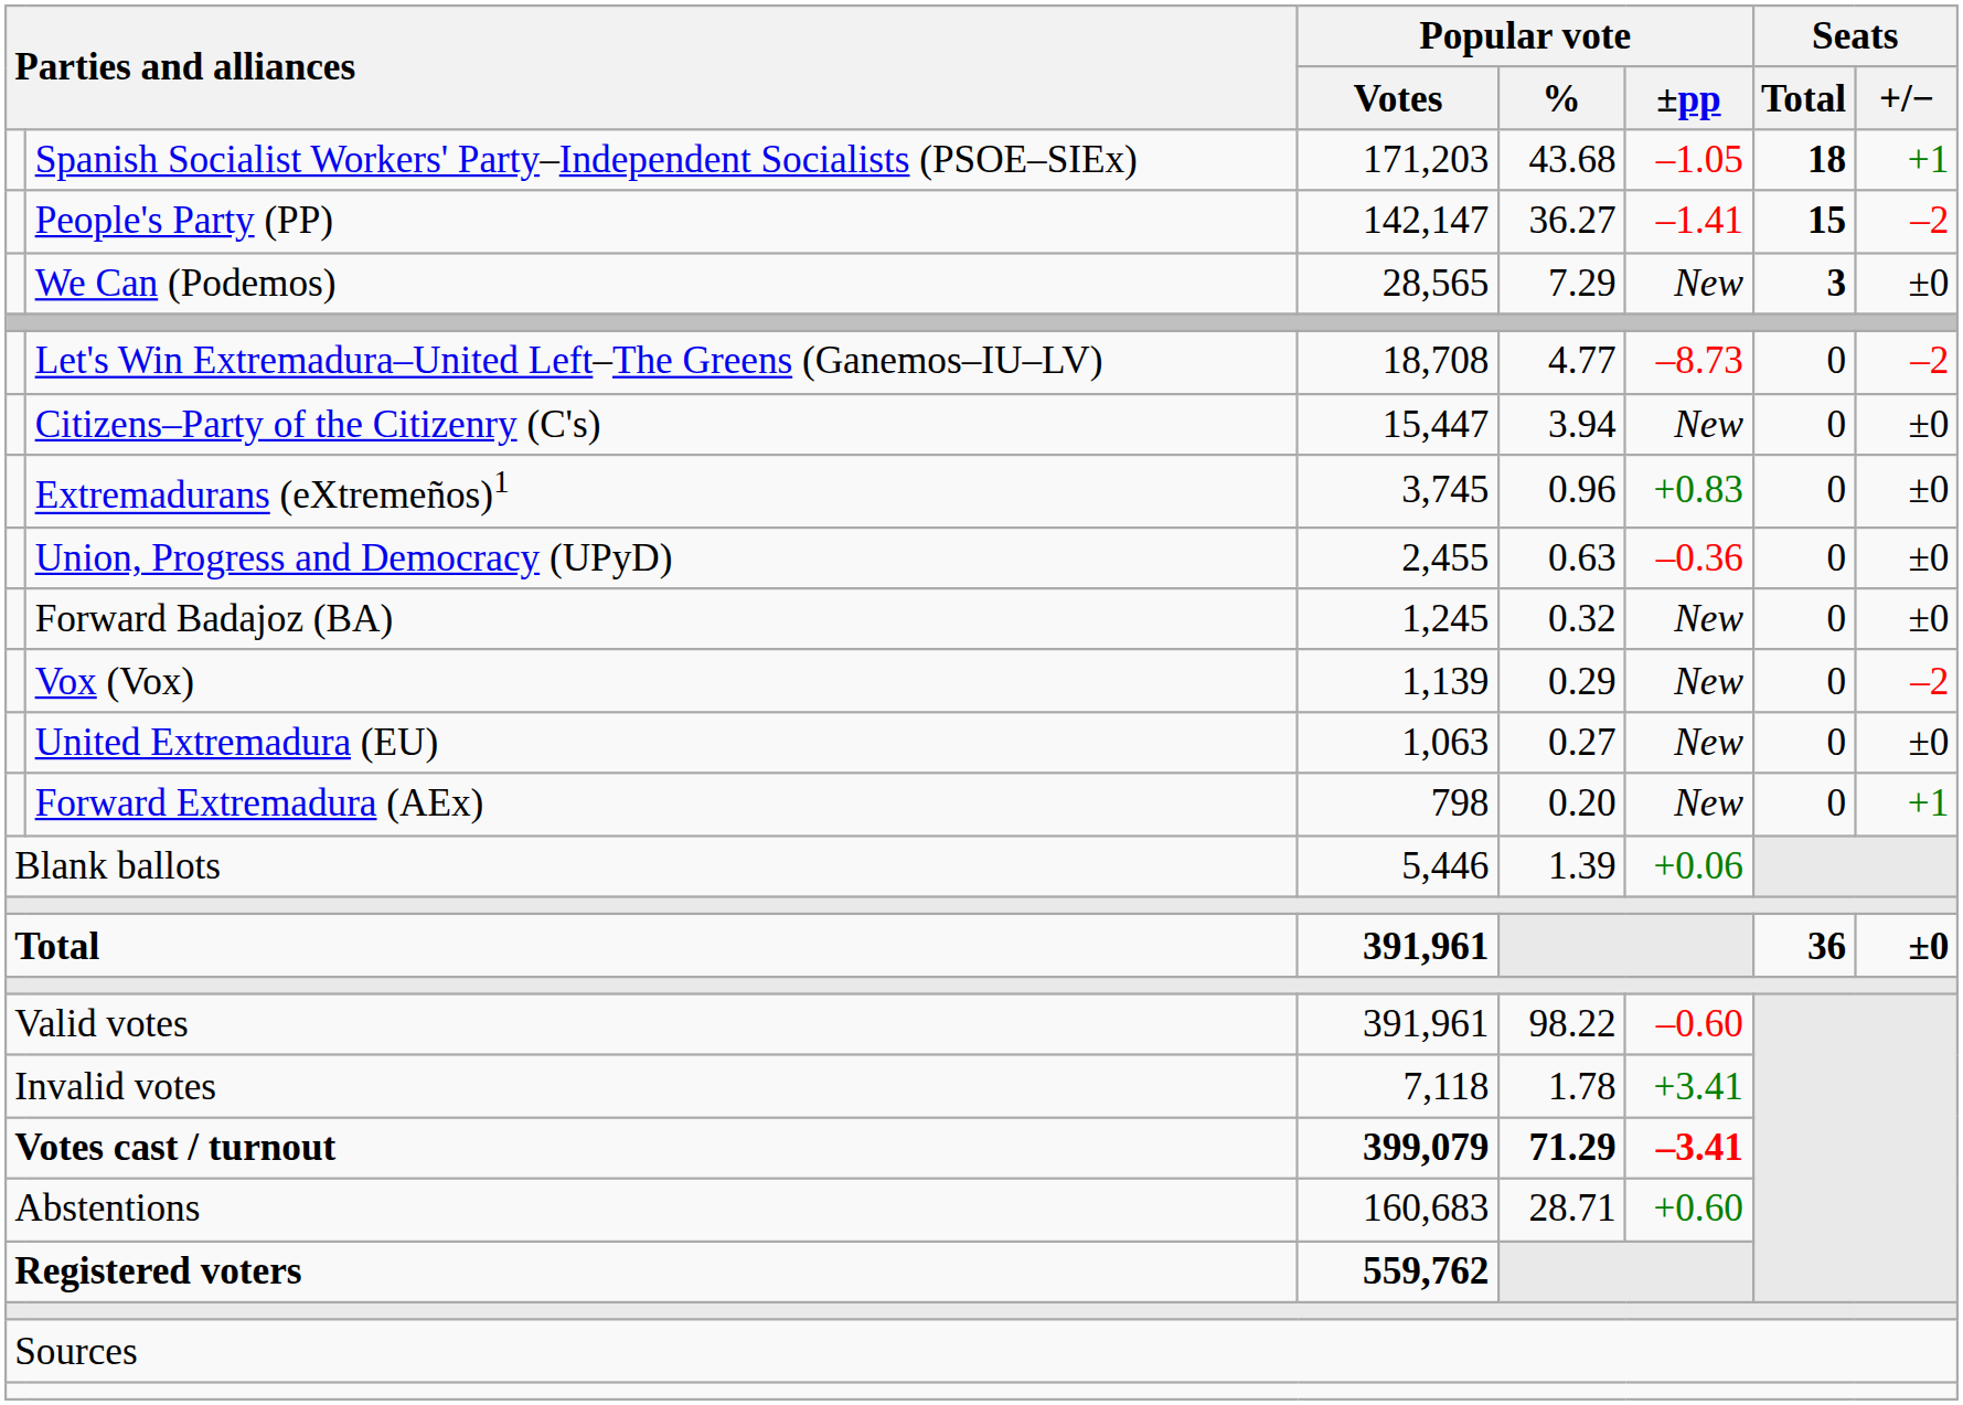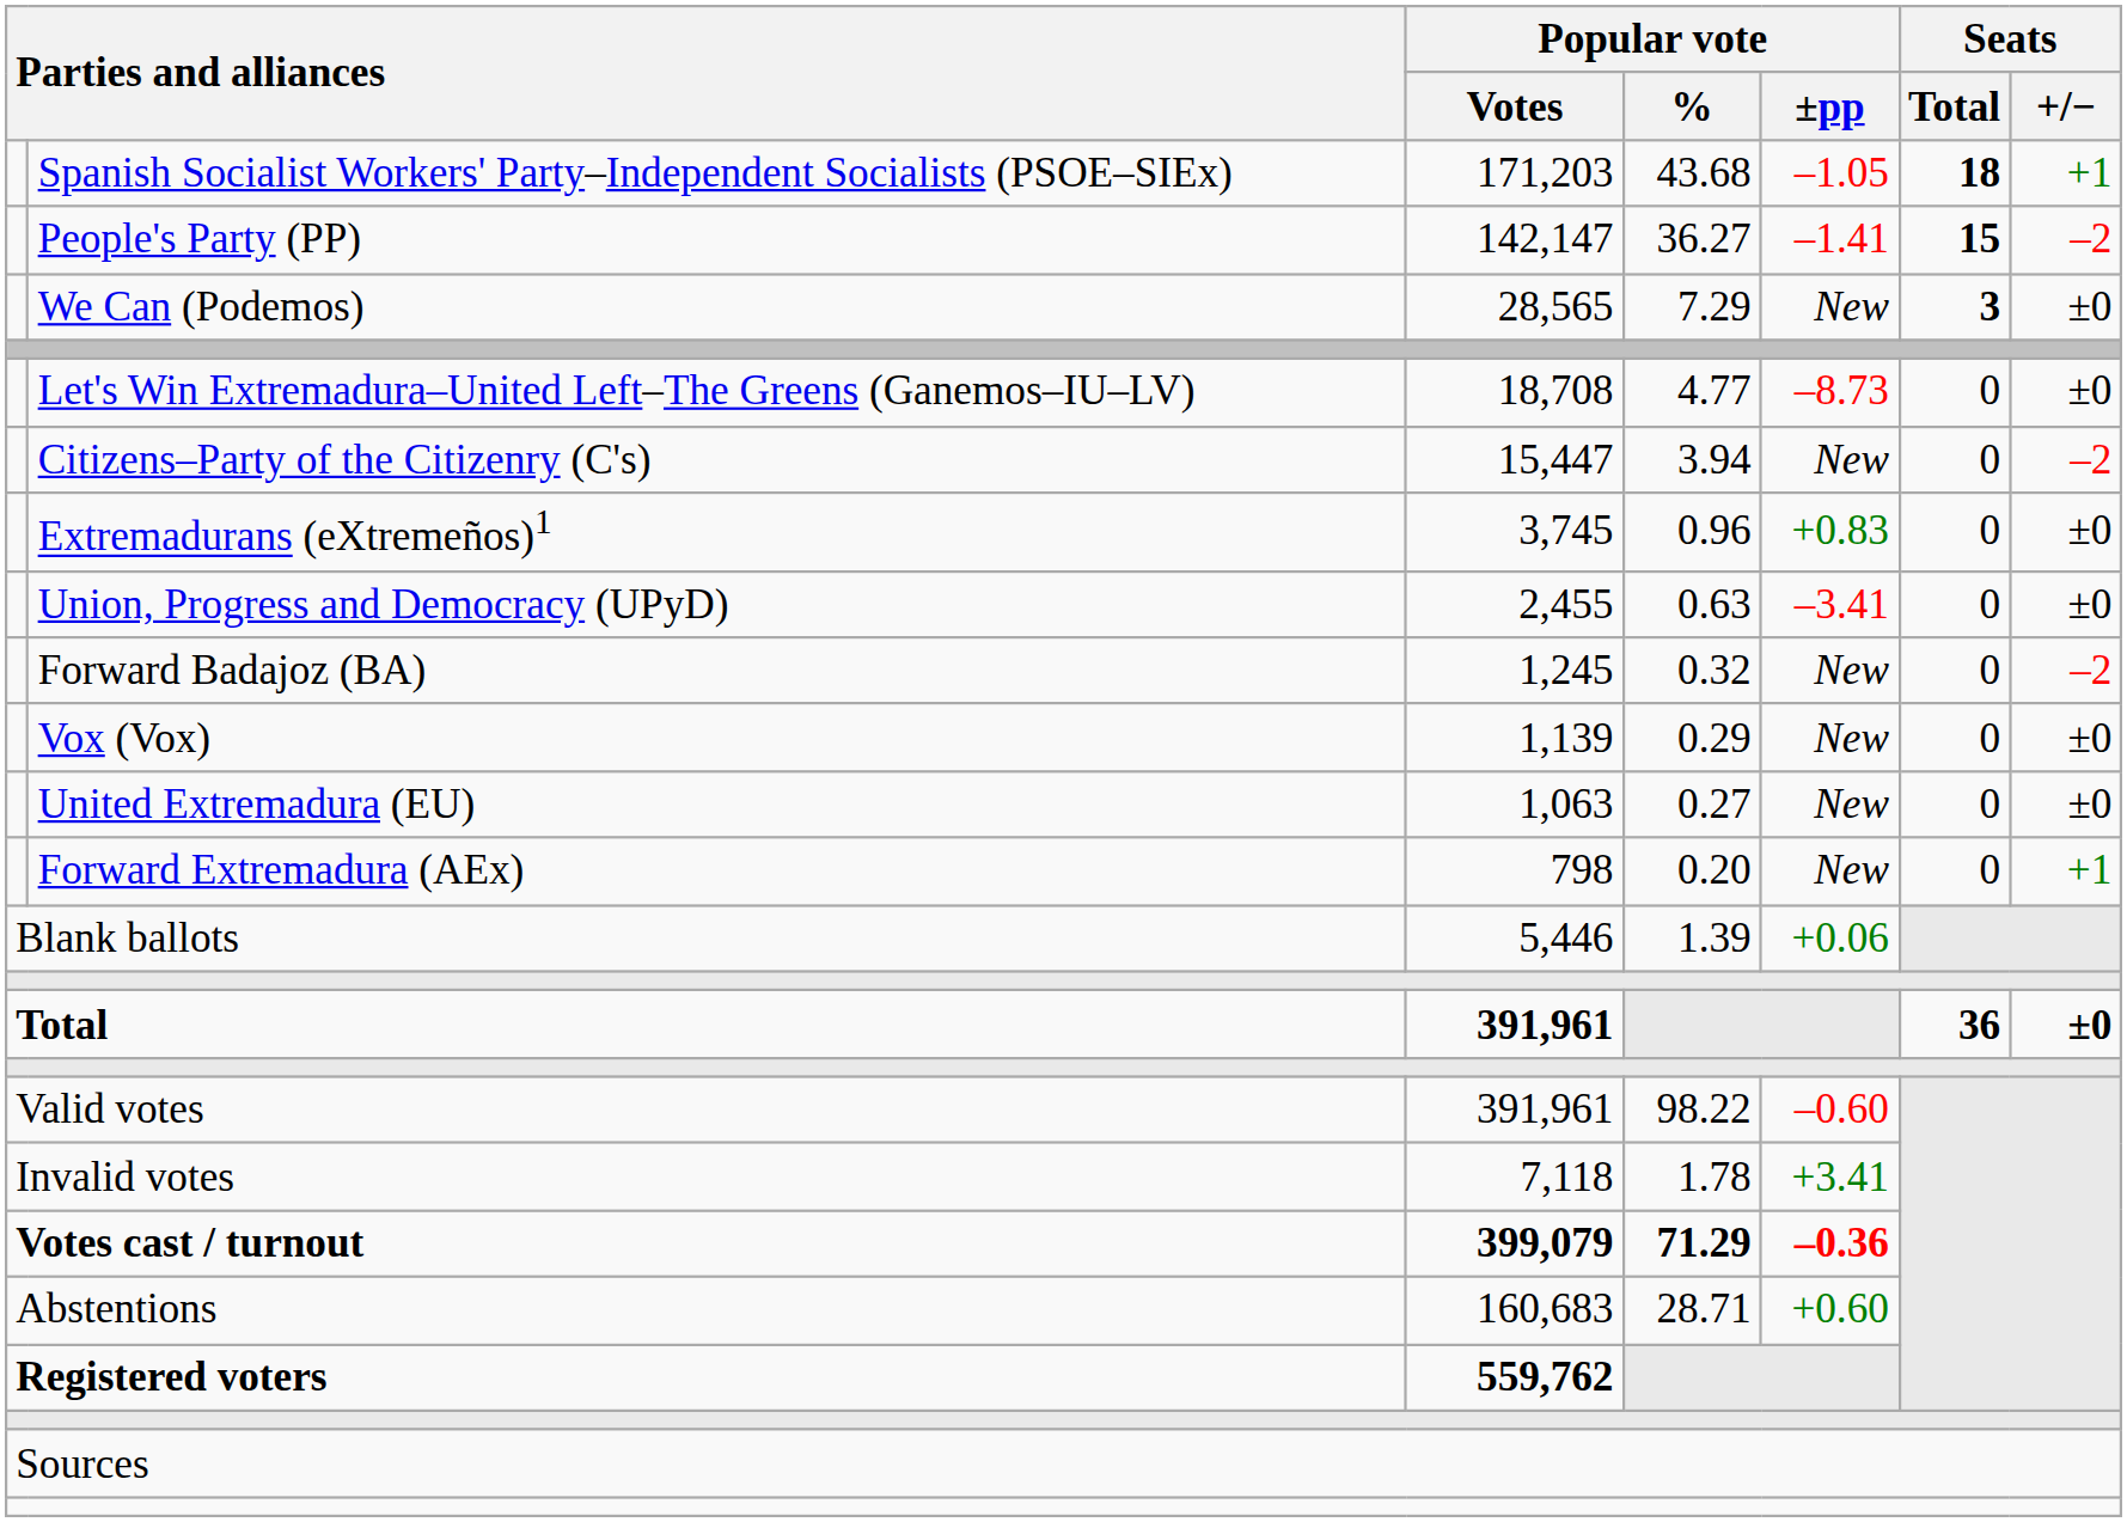 <table class="wikitable" style="text-align:right;">
 <tr>
 <th style="text-align:left;" rowspan="2" colspan="2" width="525">Parties and alliances</th>
 <th colspan="3">Popular vote</th>
 <th colspan="2">Seats</th>
 </tr>
 <tr>
 <th width="75">Votes</th>
 <th width="45">%</th>
 <th width="45">±<a href='#'>pp</a></th>
 <th width="35">Total</th>
 <th width="35">+/−</th>
 </tr>
 <tr>
 <td width="1" style="color:inherit;background:"></td>
 <td align="left"><a href='#'>Spanish Socialist Workers' Party</a>–<a href='#'>Independent Socialists</a> (PSOE–SIEx)</td>
 <td>171,203</td>
 <td>43.68</td>
 <td style="color:red;">–1.05</td>
 <td><strong>18</strong></td>
 <td style="color:green;">+1</td>
 </tr>
 <tr>
 <td style="color:inherit;background:"></td>
 <td align="left"><a href='#'>People's Party</a> (PP)</td>
 <td>142,147</td>
 <td>36.27</td>
 <td style="color:red;">–1.41</td>
 <td><strong>15</strong></td>
 <td style="color:red;">–2</td>
 </tr>
 <tr>
 <td style="color:inherit;background:"></td>
 <td align="left"><a href='#'>We Can</a> (Podemos)</td>
 <td>28,565</td>
 <td>7.29</td>
 <td><em>New</em></td>
 <td><strong>3</strong></td>
 <td>±0</td>
 </tr>
 <tr>
 <td colspan="7" bgcolor="#C0C0C0"></td>
 </tr>
 <tr>
 <td style="color:inherit;background:"></td>
 <td align="left"><a href='#'>Let's Win Extremadura–United Left</a>–<a href='#'>The Greens</a> (Ganemos–IU–LV)</td>
 <td>18,708</td>
 <td>4.77</td>
 <td style="color:red;">–8.73</td>
 <td>0</td>
-<td style="color:red;">–2</td>
+<td>±0</td>
 </tr>
 <tr>
 <td style="color:inherit;background:"></td>
 <td align="left"><a href='#'>Citizens–Party of the Citizenry</a> (C's)</td>
 <td>15,447</td>
 <td>3.94</td>
 <td><em>New</em></td>
 <td>0</td>
-<td>±0</td>
+<td style="color:red;">–2</td>
 </tr>
 <tr>
 <td style="color:inherit;background:"></td>
 <td align="left"><a href='#'>Extremadurans</a> (eXtremeños)<sup>1</sup></td>
 <td>3,745</td>
 <td>0.96</td>
 <td style="color:green;">+0.83</td>
 <td>0</td>
 <td>±0</td>
 </tr>
 <tr>
 <td style="color:inherit;background:"></td>
 <td align="left"><a href='#'>Union, Progress and Democracy</a> (UPyD)</td>
 <td>2,455</td>
 <td>0.63</td>
-<td style="color:red;">–0.36</td>
+<td style="color:red;">–3.41</td>
 <td>0</td>
 <td>±0</td>
 </tr>
 <tr>
 <td style="color:inherit;background:"></td>
 <td align="left">Forward Badajoz (BA)</td>
 <td>1,245</td>
 <td>0.32</td>
 <td><em>New</em></td>
 <td>0</td>
-<td>±0</td>
+<td style="color:red;">–2</td>
 </tr>
 <tr>
 <td style="color:inherit;background:"></td>
 <td align="left"><a href='#'>Vox</a> (Vox)</td>
 <td>1,139</td>
 <td>0.29</td>
 <td><em>New</em></td>
 <td>0</td>
-<td style="color:red;">–2</td>
+<td>±0</td>
 </tr>
 <tr>
 <td style="color:inherit;background:"></td>
 <td align="left"><a href='#'>United Extremadura</a> (EU)</td>
 <td>1,063</td>
 <td>0.27</td>
 <td><em>New</em></td>
 <td>0</td>
 <td>±0</td>
 </tr>
 <tr>
 <td style="color:inherit;background:"></td>
 <td align="left"><a href='#'>Forward Extremadura</a> (AEx)</td>
 <td>798</td>
 <td>0.20</td>
 <td><em>New</em></td>
 <td>0</td>
 <td style="color:green;">+1</td>
 </tr>
 <tr>
 <td align="left" colspan="2">Blank ballots</td>
 <td>5,446</td>
 <td>1.39</td>
 <td style="color:green;">+0.06</td>
 <td bgcolor="#E9E9E9" colspan="2"></td>
 </tr>
 <tr>
 <td colspan="7" bgcolor="#E9E9E9"></td>
 </tr>
 <tr style="font-weight:bold;">
 <td align="left" colspan="2">Total</td>
 <td>391,961</td>
 <td bgcolor="#E9E9E9" colspan="2"></td>
 <td>36</td>
 <td>±0</td>
 </tr>
 <tr>
 <td colspan="7" bgcolor="#E9E9E9"></td>
 </tr>
 <tr>
 <td align="left" colspan="2">Valid votes</td>
 <td>391,961</td>
 <td>98.22</td>
 <td style="color:red;">–0.60</td>
 <td bgcolor="#E9E9E9" colspan="2" rowspan="5"></td>
 </tr>
 <tr>
 <td align="left" colspan="2">Invalid votes</td>
 <td>7,118</td>
 <td>1.78</td>
 <td style="color:green;">+3.41</td>
 </tr>
 <tr style="font-weight:bold;">
 <td align="left" colspan="2">Votes cast / turnout</td>
 <td>399,079</td>
 <td>71.29</td>
-<td style="color:red;">–3.41</td>
+<td style="color:red;">–0.36</td>
 </tr>
 <tr>
 <td align="left" colspan="2">Abstentions</td>
 <td>160,683</td>
 <td>28.71</td>
 <td style="color:green;">+0.60</td>
 </tr>
 <tr style="font-weight:bold;">
 <td align="left" colspan="2">Registered voters</td>
 <td>559,762</td>
 <td bgcolor="#E9E9E9" colspan="2"></td>
 </tr>
 <tr>
 <td colspan="7" bgcolor="#E9E9E9"></td>
 </tr>
 <tr>
 <td align="left" colspan="7">Sources</td>
 </tr>
 <tr>
 <td colspan="7" style="text-align:left; max-width:790px;"></td>
 </tr>
 </table>
